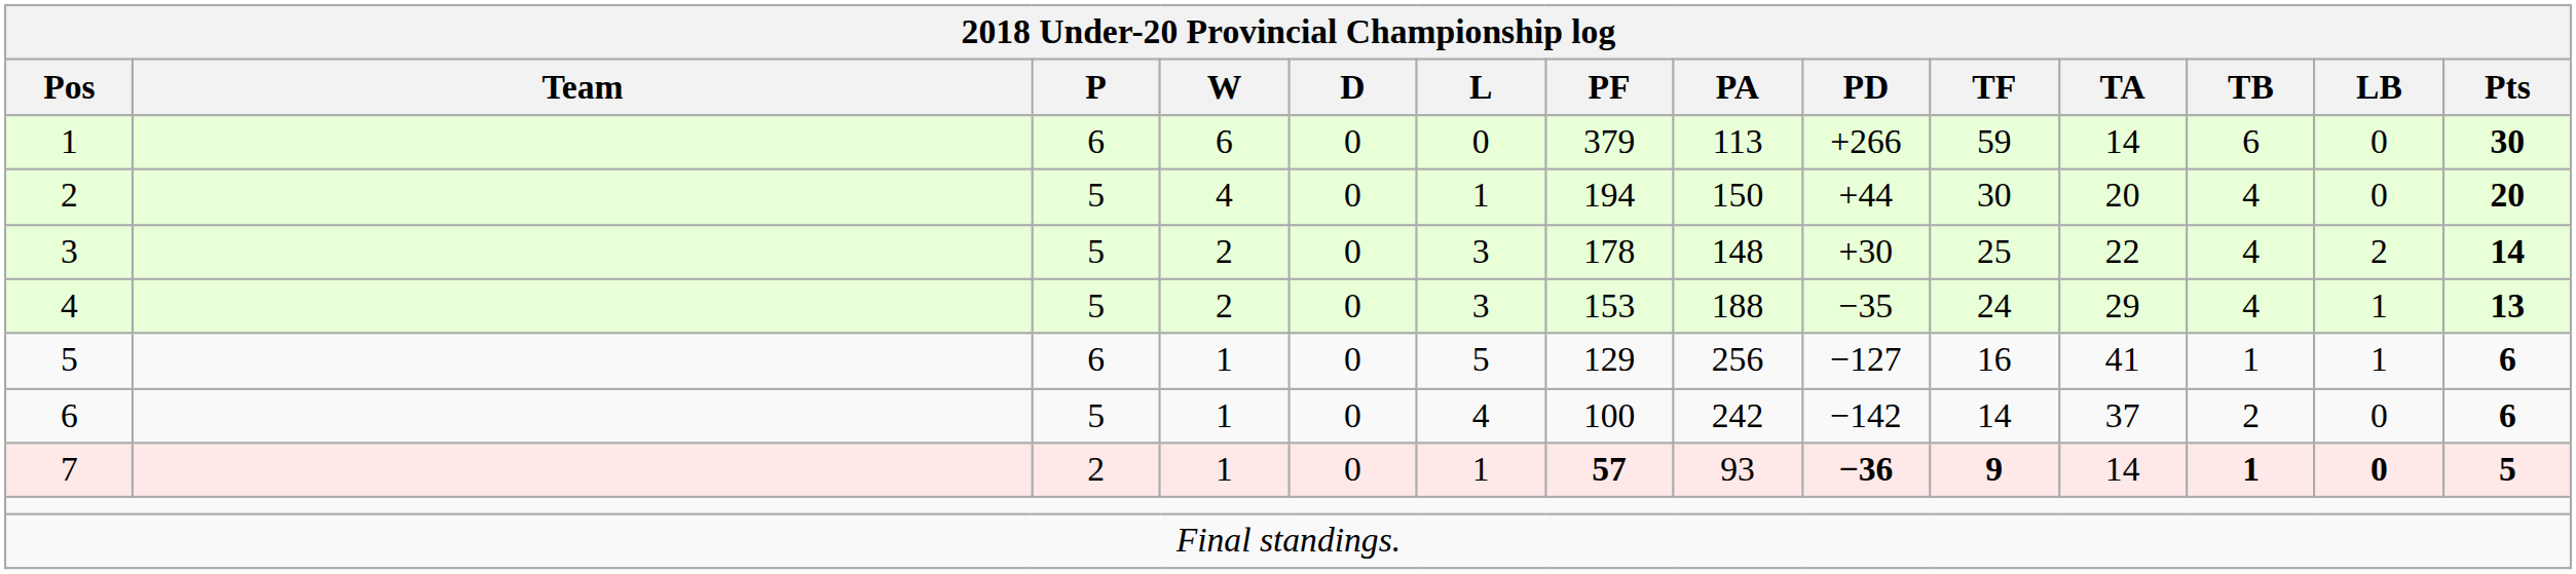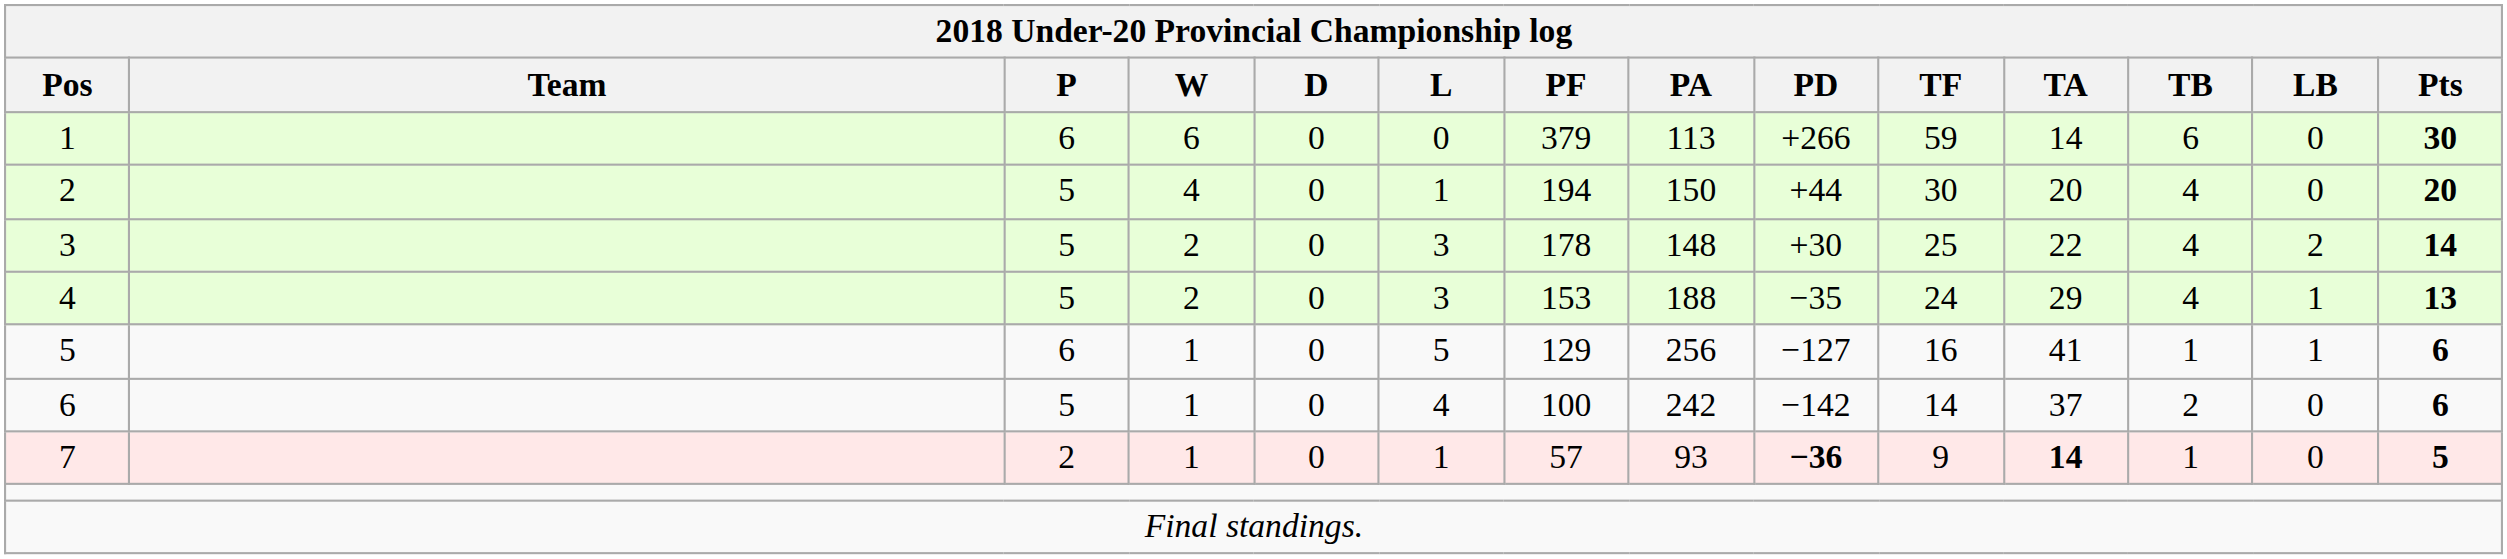 <table class="wikitable" style="text-align:center; font-size:100%; width:60%;">
 <tr>
 <th colspan="100%" cellpadding="0" cellspacing="0"><strong>2018 Under-20 Provincial Championship log</strong></th>
 </tr>
 <tr>
 <th style="width:5%;">Pos</th>
 <th style="width:35%;">Team</th>
 <th style="width:5%;">P</th>
 <th style="width:5%;">W</th>
 <th style="width:5%;">D</th>
 <th style="width:5%;">L</th>
 <th style="width:5%;">PF</th>
 <th style="width:5%;">PA</th>
 <th style="width:5%;">PD</th>
 <th style="width:5%;">TF</th>
 <th style="width:5%;">TA</th>
 <th style="width:5%;">TB</th>
 <th style="width:5%;">LB</th>
 <th style="width:5%;">Pts<br></th>
 </tr>
 <tr style="background:#E8FFD8;">
 <td>1</td>
 <td style="text-align:left;"></td>
 <td>6</td>
 <td>6</td>
 <td>0</td>
 <td>0</td>
 <td>379</td>
 <td>113</td>
 <td>+266</td>
 <td>59</td>
 <td>14</td>
 <td>6</td>
 <td>0</td>
 <td><strong>30</strong></td>
 </tr>
 <tr style="background:#E8FFD8;">
 <td>2</td>
 <td style="text-align:left;"></td>
 <td>5</td>
 <td>4</td>
 <td>0</td>
 <td>1</td>
 <td>194</td>
 <td>150</td>
 <td>+44</td>
 <td>30</td>
 <td>20</td>
 <td>4</td>
 <td>0</td>
 <td><strong>20</strong></td>
 </tr>
 <tr style="background:#E8FFD8;">
 <td>3</td>
 <td style="text-align:left;"></td>
 <td>5</td>
 <td>2</td>
 <td>0</td>
 <td>3</td>
 <td>178</td>
 <td>148</td>
 <td>+30</td>
 <td>25</td>
 <td>22</td>
 <td>4</td>
 <td>2</td>
 <td><strong>14</strong></td>
 </tr>
 <tr style="background:#E8FFD8;">
 <td>4</td>
 <td style="text-align:left;"></td>
 <td>5</td>
 <td>2</td>
 <td>0</td>
 <td>3</td>
 <td>153</td>
 <td>188</td>
 <td>−35</td>
 <td>24</td>
 <td>29</td>
 <td>4</td>
 <td>1</td>
 <td><strong>13</strong></td>
 </tr>
 <tr>
 <td>5</td>
 <td style="text-align:left;"></td>
 <td>6</td>
 <td>1</td>
 <td>0</td>
 <td>5</td>
 <td>129</td>
 <td>256</td>
 <td>−127</td>
 <td>16</td>
 <td>41</td>
 <td>1</td>
 <td>1</td>
 <td><strong>6</strong></td>
 </tr>
 <tr>
 <td>6</td>
 <td style="text-align:left;"></td>
 <td>5</td>
 <td>1</td>
 <td>0</td>
 <td>4</td>
 <td>100</td>
 <td>242</td>
 <td>−142</td>
 <td>14</td>
 <td>37</td>
 <td>2</td>
 <td>0</td>
 <td><strong>6</strong></td>
 </tr>
 <tr style="background:#FFE8E8;">
 <td>7</td>
 <td style="text-align:left;"></td>
 <td>2</td>
 <td>1</td>
 <td>0</td>
 <td>1</td>
-<td><strong>57</strong></td>
+<td>57</td>
 <td>93</td>
 <td><strong>−36</strong></td>
-<td><strong>9</strong></td>
-<td>14</td>
-<td><strong>1</strong></td>
-<td><strong>0</strong></td>
+<td>9</td>
+<td><strong>14</strong></td>
+<td>1</td>
+<td>0</td>
 <td><strong>5</strong></td>
 </tr>
 <tr>
 <td colspan="100%" cellpadding="0" cellspacing="0"></td>
 </tr>
 <tr>
 <td colspan="100%" cellpadding="0" cellspacing="0"><em>Final standings.</em></td>
 </tr>
 </table>
